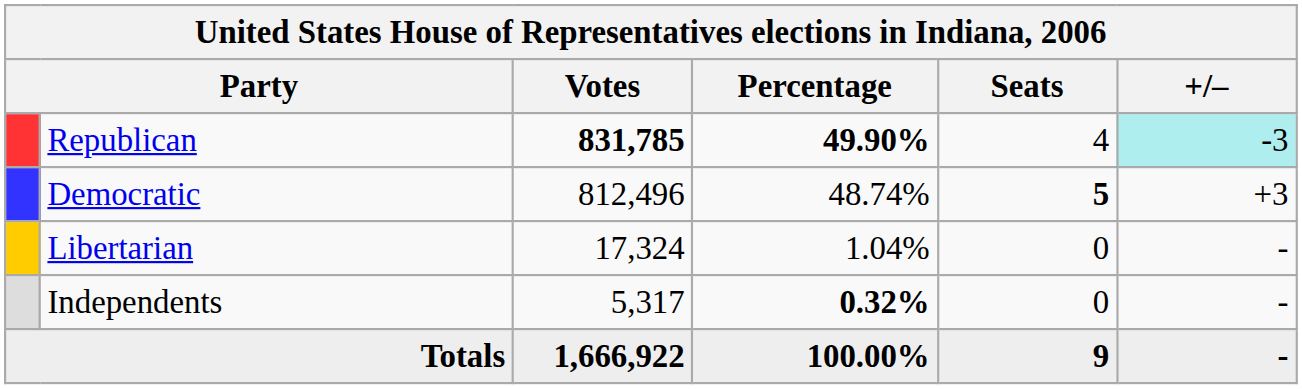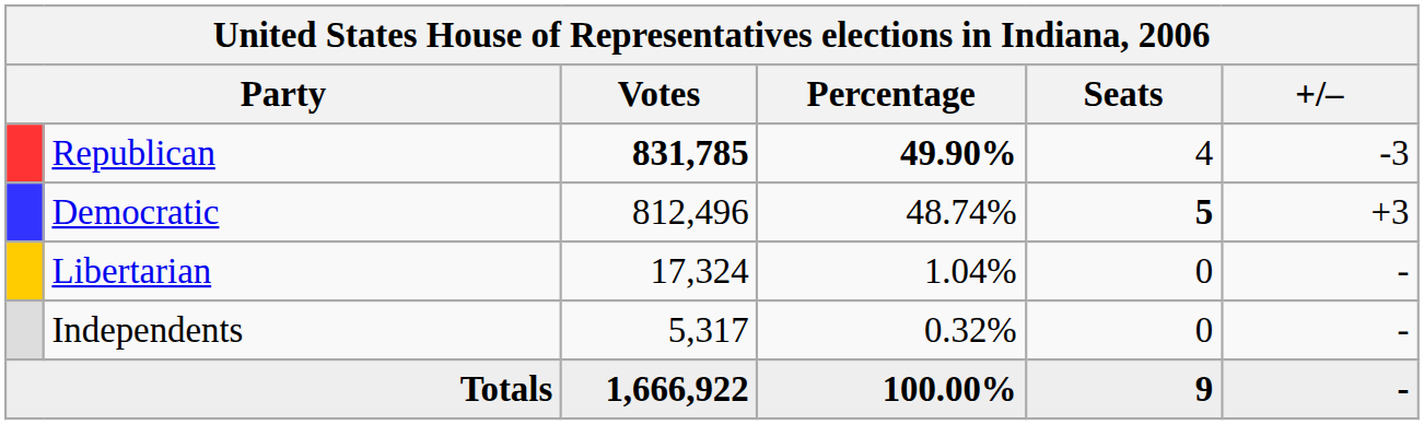 <table class="wikitable" style="font-size: 95%;">
 <tr>
 <th colspan="6">United States House of Representatives elections in Indiana, 2006</th>
 </tr>
 <tr>
 <th colspan=2 style="width: 15em">Party</th>
 <th style="width: 5em">Votes</th>
 <th style="width: 7em">Percentage</th>
 <th style="width: 5em">Seats</th>
 <th style="width: 5em">+/–</th>
 </tr>
 <tr>
 <th style="background:#f33; width:3px;"></th>
 <td style="width: 130px"><a href='#'>Republican</a></td>
 <td style="text-align:right;"><strong>831,785</strong></td>
 <td style="text-align:right;"><strong>49.90%</strong></td>
 <td style="text-align:right;">4</td>
-<td style="background: paleturquoise; text-align:right;">-3</td>
+<td style="text-align:right;">-3</td>
 </tr>
 <tr>
 <th style="background:#33f; width:3px;"></th>
 <td style="width: 130px"><a href='#'>Democratic</a></td>
 <td style="text-align:right;">812,496</td>
 <td style="text-align:right;">48.74%</td>
 <td style="text-align:right;"><strong>5</strong></td>
 <td style="text-align:right;">+3</td>
 </tr>
 <tr>
 <th style="background:#fc0; width:3px;"></th>
 <td style="width: 130px"><a href='#'>Libertarian</a></td>
 <td style="text-align:right;">17,324</td>
 <td style="text-align:right;">1.04%</td>
 <td style="text-align:right;">0</td>
 <td style="text-align:right;">-</td>
 </tr>
 <tr>
 <th style="background:#ddd; width:3px;"></th>
 <td style="width: 130px">Independents</td>
 <td style="text-align:right;">5,317</td>
-<td style="text-align:right;"><strong>0.32%</strong></td>
+<td style="text-align:right;">0.32%</td>
 <td style="text-align:right;">0</td>
 <td style="text-align:right;">-</td>
 </tr>
 <tr style="background:#eee; text-align:right;">
 <td colspan="2"><strong>Totals</strong></td>
 <td><strong>1,666,922</strong></td>
 <td><strong>100.00%</strong></td>
 <td><strong>9</strong></td>
 <td><strong>-</strong></td>
 </tr>
 </table>
